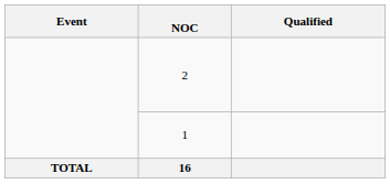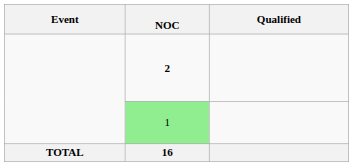 <table class="wikitable" width=500>
 <tr>
 <th>Event</th>
 <th><br>NOC</th>
 <th>Qualified</th>
 </tr>
 <tr>
 <td rowspan="2"></td>
-<td align="center">2</td>
+<td align="center"><strong>2</strong></td>
 <td><br><br><br><br><br></td>
 </tr>
 <tr>
-<td align="center">1</td>
+<td align="center" style="background: lightgreen;">1</td>
 <td><br><br><br></td>
 </tr>
 <tr>
 <th colspan="1">TOTAL</th>
 <th>16</th>
 <th></th>
 </tr>
 </table>
